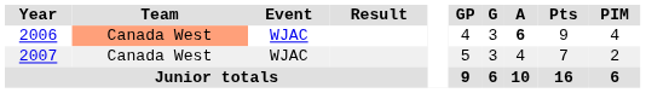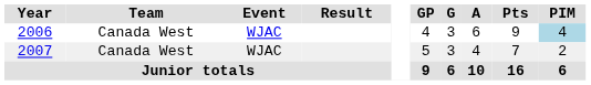 <table border="0" cellpadding="1" cellspacing="0" style="text-align:center; width:40em">
 <tr ALIGN="centre" bgcolor="#e0e0e0">
 <th>Year</th>
 <th>Team</th>
 <th>Event</th>
 <th>Result</th>
 <th rowspan="99" bgcolor="#ffffff"> </th>
 <th>GP</th>
 <th>G</th>
 <th>A</th>
 <th>Pts</th>
 <th>PIM</th>
 </tr>
 <tr ALIGN="centre">
 <td ALIGN="centre"><a href='#'>2006</a></td>
-<td ALIGN="centre" style="background: lightsalmon;">Canada West</td>
+<td ALIGN="centre">Canada West</td>
 <td ALIGN="centre"><a href='#'>WJAC</a></td>
 <td></td>
 <td ALIGN="centre">4</td>
 <td ALIGN="centre">3</td>
-<td ALIGN="centre"><strong>6</strong></td>
+<td ALIGN="centre">6</td>
 <td ALIGN="centre">9</td>
-<td ALIGN="centre">4</td>
+<td ALIGN="centre" style="background: lightblue;">4</td>
 </tr>
 <tr ALIGN="centre" bgcolor="#f0f0f0">
 <td ALIGN="centre"><a href='#'>2007</a></td>
 <td ALIGN="centre">Canada West</td>
 <td ALIGN="centre">WJAC</td>
 <td></td>
 <td ALIGN="centre">5</td>
 <td ALIGN="centre">3</td>
 <td ALIGN="centre">4</td>
 <td ALIGN="centre">7</td>
 <td ALIGN="centre">2</td>
 </tr>
 <tr ALIGN="centre" bgcolor="#e0e0e0">
 <th colspan="4">Junior totals</th>
 <th ALIGN="centre">9</th>
 <th ALIGN="centre">6</th>
 <th ALIGN="centre">10</th>
 <th ALIGN="centre">16</th>
 <th ALIGN="centre">6</th>
 </tr>
 </table>
